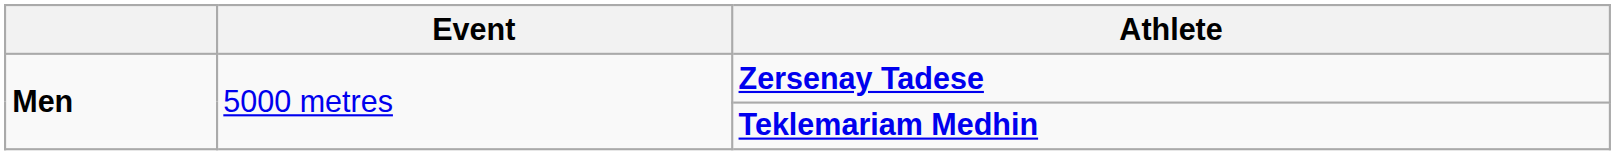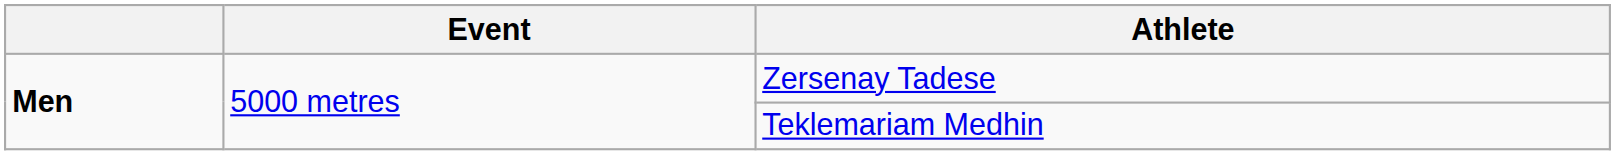 <table class=wikitable style="font-size:90%" width=60%>
 <tr>
 <th></th>
 <th>Event</th>
 <th>Athlete</th>
 </tr>
 <tr>
 <td rowspan=2><strong>Men</strong></td>
 <td rowspan=2><a href='#'>5000 metres</a></td>
-<td><strong><a href='#'>Zersenay Tadese</a></strong></td>
+<td><a href='#'>Zersenay Tadese</a></td>
 </tr>
 <tr>
-<td><strong><a href='#'>Teklemariam Medhin</a></strong></td>
+<td><a href='#'>Teklemariam Medhin</a></td>
 </tr>
 </table>
